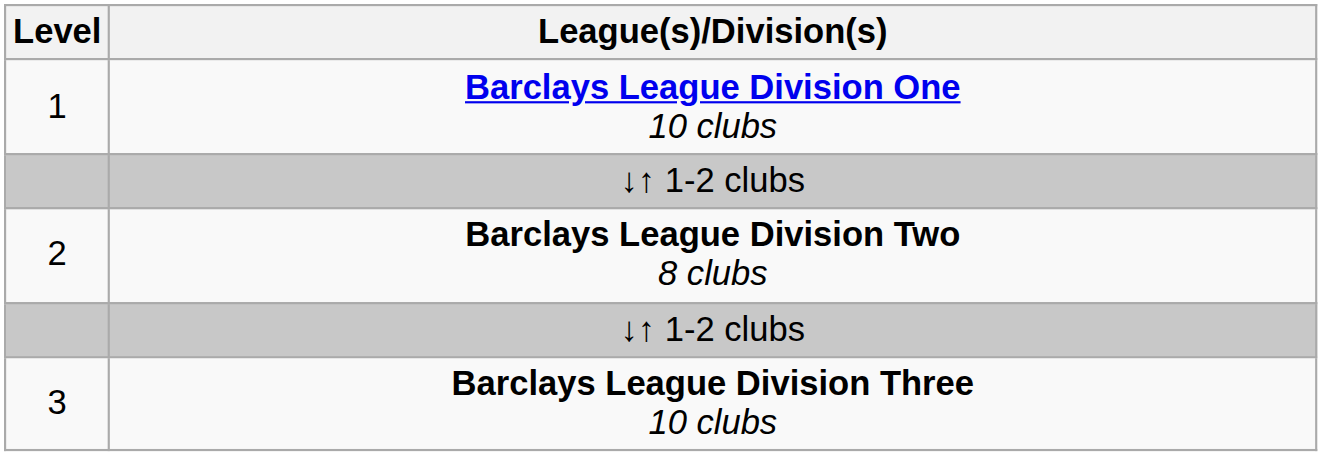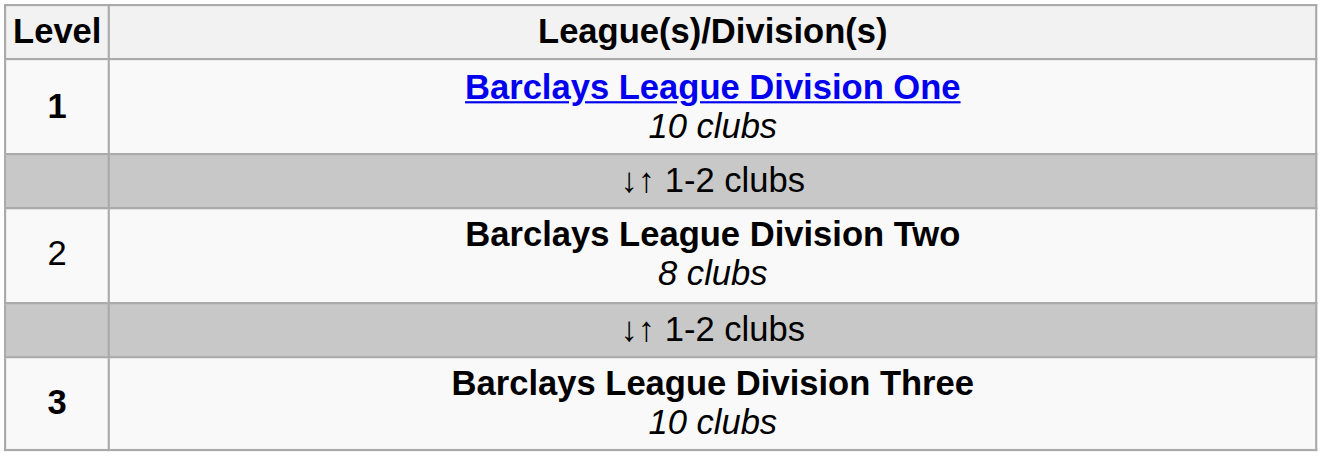 <table class="wikitable" style="text-align: center;">
 <tr>
 <th>Level</th>
 <th colspan="12">League(s)/Division(s)</th>
 </tr>
 <tr>
-<td>1</td>
+<td><strong>1</strong></td>
 <td colspan="12"><strong><a href='#'>Barclays League Division One</a></strong><br><em>10 clubs</em></td>
 </tr>
 <tr style="background:#c8c8c8">
 <td style="width:4%;"></td>
 <td colspan="9" style="width:96%;">↓↑ 1-2 clubs</td>
 </tr>
 <tr>
 <td>2</td>
 <td colspan="12"><strong>Barclays League Division Two</strong><br><em>8 clubs</em></td>
 </tr>
 <tr style="background:#c8c8c8">
 <td style="width:4%;"></td>
 <td colspan="9" style="width:96%;">↓↑ 1-2 clubs</td>
 </tr>
 <tr>
-<td>3</td>
+<td><strong>3</strong></td>
 <td colspan="12"><strong>Barclays League Division Three</strong><br><em>10 clubs</em></td>
 </tr>
 </table>
